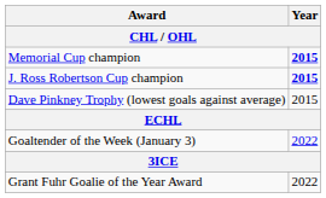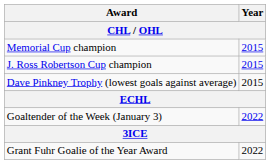 <table class="wikitable">
 <tr>
 <th>Award</th>
 <th>Year</th>
 </tr>
 <tr>
 <th colspan="3"><a href='#'>CHL</a> / <a href='#'>OHL</a></th>
 </tr>
 <tr>
 <td><a href='#'>Memorial Cup</a> champion</td>
-<td><strong><a href='#'>2015</a></strong></td>
+<td><a href='#'>2015</a></td>
 </tr>
 <tr>
 <td><a href='#'>J. Ross Robertson Cup</a> champion</td>
-<td><strong><a href='#'>2015</a></strong></td>
+<td><a href='#'>2015</a></td>
 </tr>
 <tr>
 <td><a href='#'>Dave Pinkney Trophy</a> (lowest goals against average)</td>
 <td>2015</td>
 </tr>
 <tr>
 <th colspan="3"><a href='#'>ECHL</a></th>
 </tr>
 <tr>
 <td>Goaltender of the Week (January 3)</td>
 <td><a href='#'>2022</a></td>
 </tr>
 <tr>
 <th colspan="3"><a href='#'>3ICE</a></th>
 </tr>
 <tr>
 <td>Grant Fuhr Goalie of the Year Award</td>
 <td>2022</td>
 </tr>
 </table>
